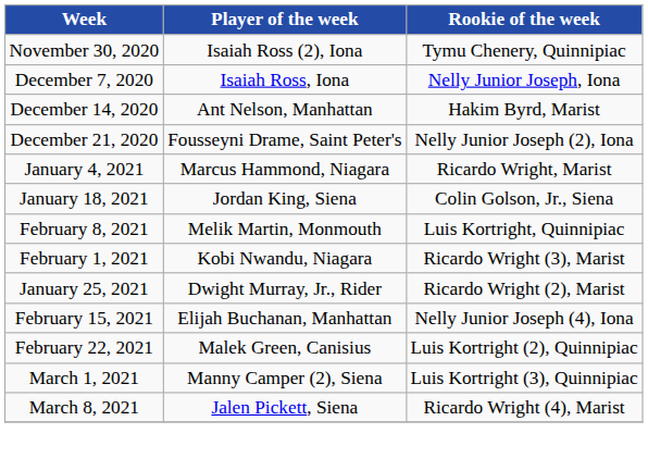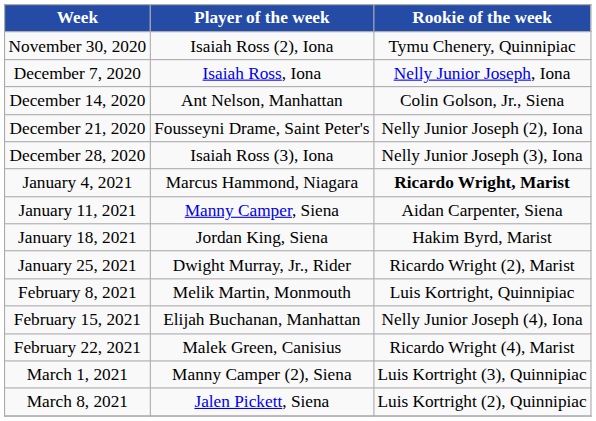 <table class="wikitable" style="text-align: center;border=1">
 <tr>
 <th style="background:#244BA6; color:#FFFFFF;">Week</th>
 <th style="background:#244BA6; color:#FFFFFF;">Player of the week</th>
 <th style="background:#244BA6; color:#FFFFFF;">Rookie of the week</th>
 </tr>
 <tr>
 <td>November 30, 2020</td>
 <td>Isaiah Ross (2), Iona</td>
 <td>Tymu Chenery, Quinnipiac</td>
 </tr>
 <tr>
 <td>December 7, 2020</td>
 <td><a href='#'>Isaiah Ross</a>, Iona</td>
 <td><a href='#'>Nelly Junior Joseph</a>, Iona</td>
 </tr>
 <tr>
 <td>December 14, 2020</td>
 <td>Ant Nelson, Manhattan</td>
-<td>Hakim Byrd, Marist</td>
+<td>Colin Golson, Jr., Siena</td>
 </tr>
 <tr>
 <td>December 21, 2020</td>
 <td>Fousseyni Drame, Saint Peter's</td>
 <td>Nelly Junior Joseph (2), Iona</td>
 </tr>
 <tr>
+<td>December 28, 2020</td>
+<td>Isaiah Ross (3), Iona</td>
+<td>Nelly Junior Joseph (3), Iona</td>
+</tr>
+<tr>
 <td>January 4, 2021</td>
 <td>Marcus Hammond, Niagara</td>
-<td>Ricardo Wright, Marist</td>
+<td><strong>Ricardo Wright, Marist</strong></td>
+</tr>
+<tr>
+<td>January 11, 2021</td>
+<td><a href='#'>Manny Camper</a>, Siena</td>
+<td>Aidan Carpenter, Siena</td>
 </tr>
 <tr>
 <td>January 18, 2021</td>
 <td>Jordan King, Siena</td>
-<td>Colin Golson, Jr., Siena</td>
+<td>Hakim Byrd, Marist</td>
+</tr>
+<tr>
+<td>January 25, 2021</td>
+<td>Dwight Murray, Jr., Rider</td>
+<td>Ricardo Wright (2), Marist</td>
 </tr>
 <tr>
 <td>February 8, 2021</td>
 <td>Melik Martin, Monmouth</td>
 <td>Luis Kortright, Quinnipiac</td>
-</tr>
-<tr>
-<td>February 1, 2021</td>
-<td>Kobi Nwandu, Niagara</td>
-<td>Ricardo Wright (3), Marist</td>
-</tr>
-<tr>
-<td>January 25, 2021</td>
-<td>Dwight Murray, Jr., Rider</td>
-<td>Ricardo Wright (2), Marist</td>
 </tr>
 <tr>
 <td>February 15, 2021</td>
 <td>Elijah Buchanan, Manhattan</td>
 <td>Nelly Junior Joseph (4), Iona</td>
 </tr>
 <tr>
 <td>February 22, 2021</td>
 <td>Malek Green, Canisius</td>
-<td>Luis Kortright (2), Quinnipiac</td>
+<td>Ricardo Wright (4), Marist</td>
 </tr>
 <tr>
 <td>March 1, 2021</td>
 <td>Manny Camper (2), Siena</td>
 <td>Luis Kortright (3), Quinnipiac</td>
 </tr>
 <tr>
 <td>March 8, 2021</td>
 <td><a href='#'>Jalen Pickett</a>, Siena</td>
-<td>Ricardo Wright (4), Marist</td>
+<td>Luis Kortright (2), Quinnipiac</td>
 </tr>
 <tr>
 </tr>
 </table>
